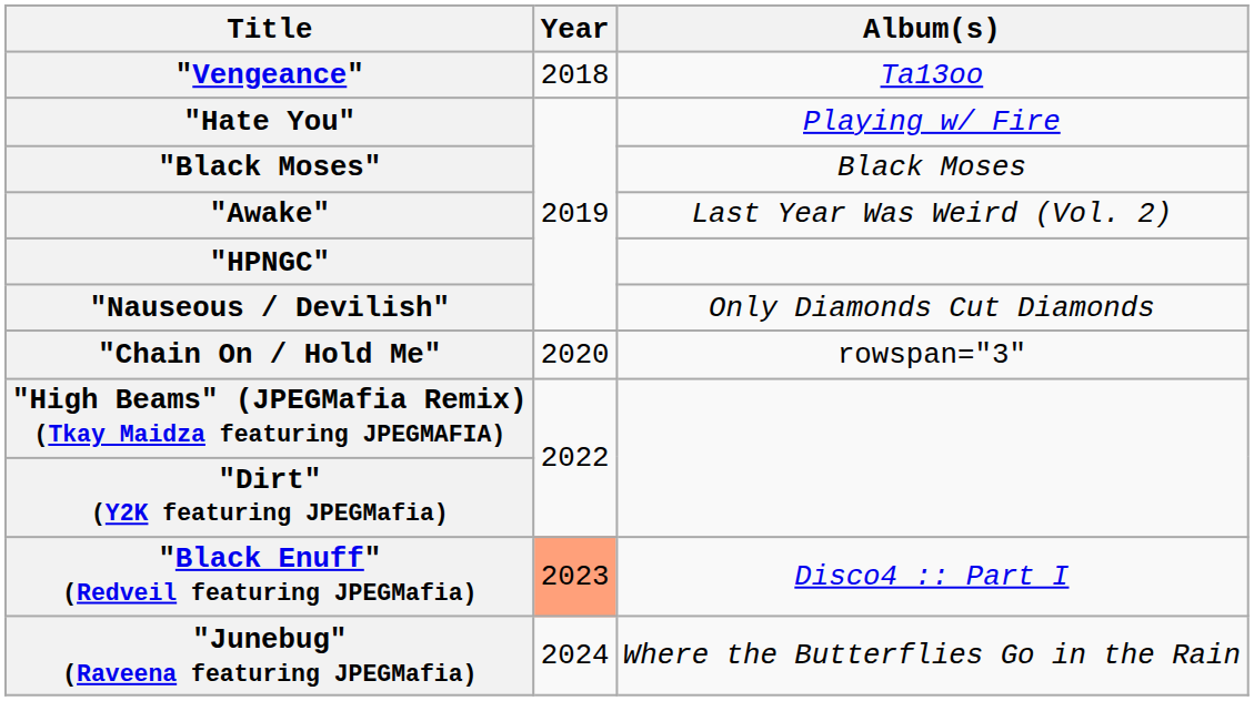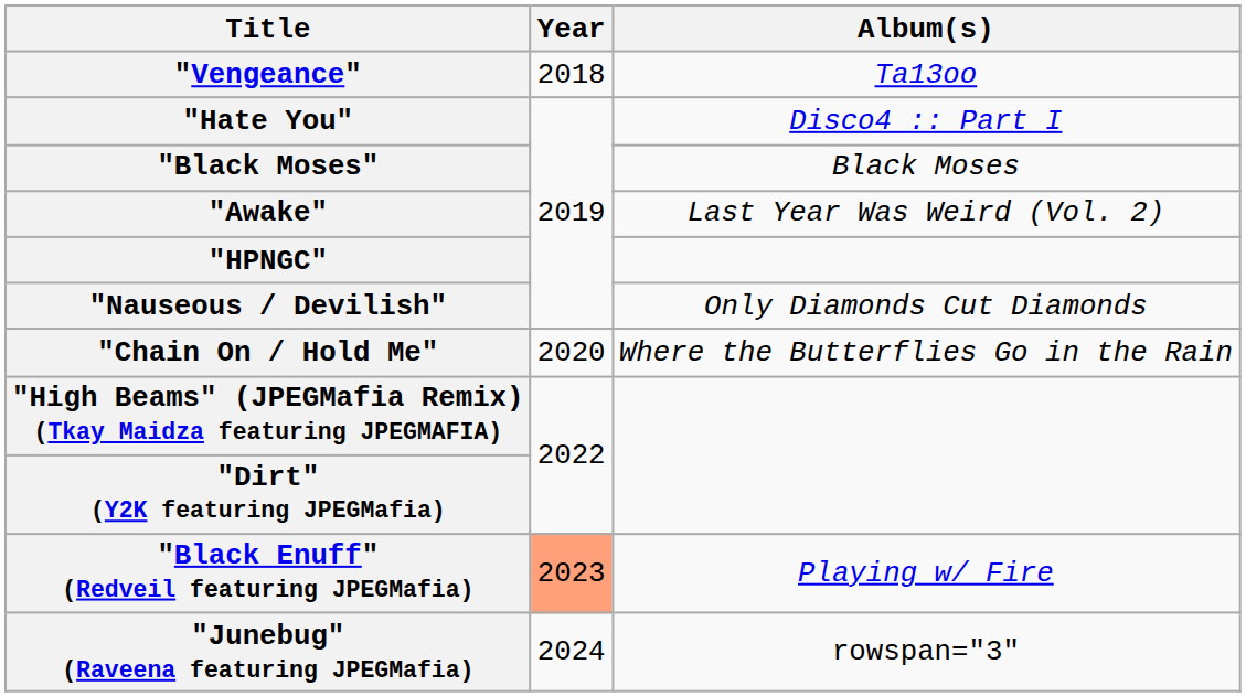 <table class="wikitable plainrowheaders" style="text-align:center;">
 <tr>
 <th scope="col">Title</th>
 <th scope="col">Year</th>
 <th scope="col">Album(s)</th>
 </tr>
 <tr>
 <th scope="row">"<a href='#'>Vengeance</a>"<br></th>
 <td>2018</td>
 <td><em><a href='#'>Ta13oo</a></em></td>
 </tr>
 <tr>
 <th scope="row">"Hate You"<br></th>
 <td rowspan="5">2019</td>
-<td><em><a href='#'>Playing w/ Fire</a></em></td>
+<td><em><a href='#'>Disco4 :: Part I</a></em></td>
 </tr>
 <tr>
 <th scope="row">"Black Moses"<br></th>
 <td><em>Black Moses</em></td>
 </tr>
 <tr>
 <th scope="row">"Awake"<br></th>
 <td><em>Last Year Was Weird (Vol. 2)</em></td>
 </tr>
 <tr>
 <th scope="row">"HPNGC"<br></th>
 <td></td>
 </tr>
 <tr>
 <th scope="row">"Nauseous / Devilish"<br></th>
 <td><em>Only Diamonds Cut Diamonds</em></td>
 </tr>
 <tr>
 <th scope="row">"Chain On / Hold Me"<br></th>
 <td>2020</td>
-<td>rowspan="3" </td>
+<td><em>Where the Butterflies Go in the Rain</em></td>
 </tr>
 <tr>
 <th scope="row">"High Beams" (JPEGMafia Remix)<br><small>(<a href='#'>Tkay Maidza</a> featuring JPEGMAFIA)</small></th>
 <td rowspan="2">2022</td>
 </tr>
 <tr>
 <th scope="row">"Dirt"<br><small>(<a href='#'>Y2K</a> featuring JPEGMafia)</small></th>
 </tr>
 <tr>
 <th scope="row">"<a href='#'>Black Enuff</a>"<br><small>(<a href='#'>Redveil</a> featuring JPEGMafia)</small></th>
 <td style="background: lightsalmon;">2023</td>
-<td><em><a href='#'>Disco4 :: Part I</a></em></td>
+<td><em><a href='#'>Playing w/ Fire</a></em></td>
 </tr>
 <tr>
 <th scope="row">"Junebug"<br><small>(<a href='#'>Raveena</a> featuring JPEGMafia)</small></th>
 <td>2024</td>
-<td><em>Where the Butterflies Go in the Rain</em></td>
+<td>rowspan="3" </td>
 </tr>
 </table>
